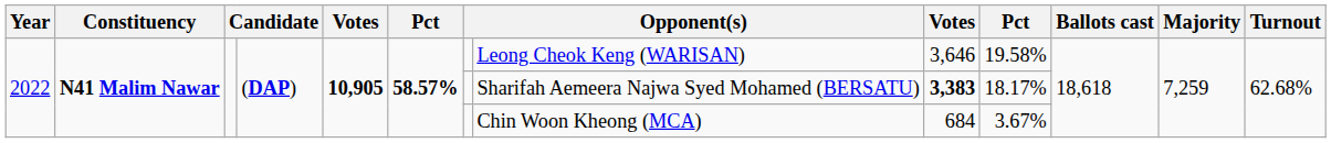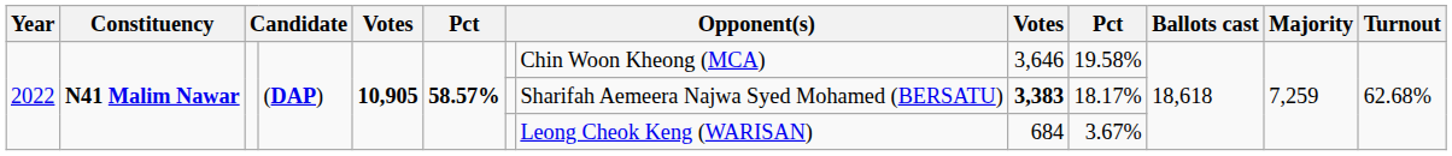 <table class="wikitable" style="margin:0.5em ; font-size:95%">
 <tr>
 <th>Year</th>
 <th>Constituency</th>
 <th colspan="2">Candidate</th>
 <th>Votes</th>
 <th>Pct</th>
 <th colspan="2">Opponent(s)</th>
 <th>Votes</th>
 <th>Pct</th>
 <th>Ballots cast</th>
 <th>Majority</th>
 <th>Turnout</th>
 </tr>
 <tr>
 <td rowspan=3><a href='#'>2022</a></td>
 <td rowspan=3><strong>N41 <a href='#'>Malim Nawar</a></strong></td>
 <td rowspan=3 ></td>
 <td rowspan=3> (<a href='#'><strong>DAP</strong></a>)</td>
 <td rowspan=3 align=right><strong>10,905</strong></td>
 <td rowspan=3><strong>58.57%</strong></td>
 <td></td>
-<td><a href='#'>Leong Cheok Keng</a> (<a href='#'>WARISAN</a>)</td>
+<td>Chin Woon Kheong (<a href='#'>MCA</a>)</td>
 <td align=right>3,646</td>
 <td align=right>19.58%</td>
 <td rowspan=3>18,618</td>
 <td rowspan=3>7,259</td>
 <td rowspan=3>62.68%</td>
 </tr>
 <tr>
 <td bgcolor=></td>
 <td>Sharifah Aemeera Najwa Syed Mohamed (<a href='#'>BERSATU</a>)</td>
 <td align=right><strong>3,383</strong></td>
 <td align=right>18.17%</td>
 </tr>
 <tr>
 <td></td>
-<td>Chin Woon Kheong (<a href='#'>MCA</a>)</td>
+<td><a href='#'>Leong Cheok Keng</a> (<a href='#'>WARISAN</a>)</td>
 <td align=right>684</td>
 <td align=right>3.67%</td>
 </tr>
 </table>
